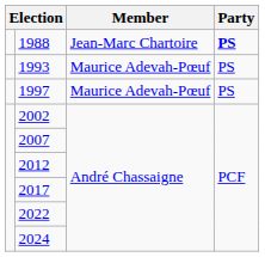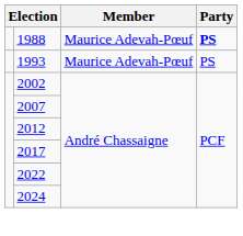 <table class="wikitable">
 <tr>
 <th colspan="2">Election</th>
 <th>Member</th>
 <th>Party</th>
 </tr>
 <tr>
 <td style="color:inherit;background:"></td>
 <td><a href='#'>1988</a></td>
-<td><a href='#'>Jean-Marc Chartoire</a></td>
+<td><a href='#'>Maurice Adevah-Pœuf</a></td>
 <td><strong><a href='#'>PS</a></strong></td>
 </tr>
 <tr>
 <td style="color:inherit;background:"></td>
 <td><a href='#'>1993</a></td>
-<td><a href='#'>Maurice Adevah-Pœuf</a></td>
-<td><a href='#'>PS</a></td>
-</tr>
-<tr>
-<td style="color:inherit;background:"></td>
-<td><a href='#'>1997</a></td>
 <td><a href='#'>Maurice Adevah-Pœuf</a></td>
 <td><a href='#'>PS</a></td>
 </tr>
 <tr>
 <td rowspan="6" style="color:inherit;background:"></td>
 <td><a href='#'>2002</a></td>
 <td rowspan="6"><a href='#'>André Chassaigne</a></td>
 <td rowspan="6"><a href='#'>PCF</a></td>
 </tr>
 <tr>
 <td><a href='#'>2007</a></td>
 </tr>
 <tr>
 <td><a href='#'>2012</a></td>
 </tr>
 <tr>
 <td><a href='#'>2017</a></td>
 </tr>
 <tr>
 <td><a href='#'>2022</a></td>
 </tr>
 <tr>
 <td><a href='#'>2024</a></td>
 </tr>
 </table>
